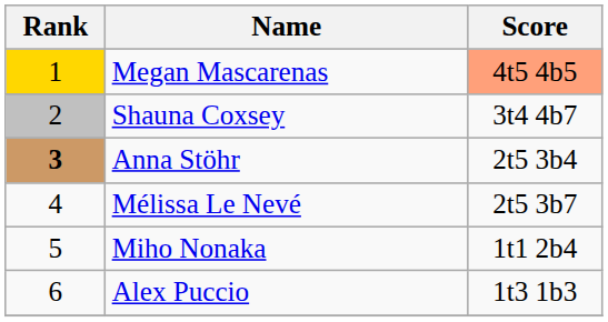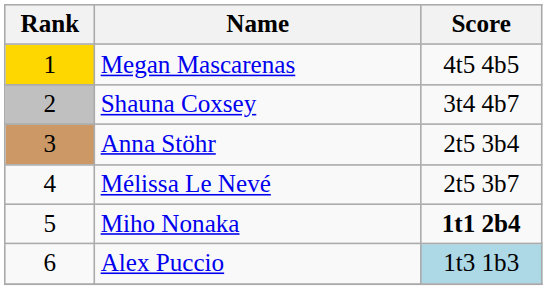 <table class="wikitable">
 <tr>
 <th width = "50">Rank</th>
 <th width = "200">Name</th>
 <th width = "70">Score</th>
 </tr>
 <tr>
 <td align="center" style="background: gold">1</td>
 <td> <a href='#'>Megan Mascarenas</a></td>
-<td align="center" style="background: lightsalmon;">4t5 4b5</td>
+<td align="center">4t5 4b5</td>
 </tr>
 <tr>
 <td align="center" style="background: silver">2</td>
 <td> <a href='#'>Shauna Coxsey</a></td>
 <td align="center">3t4 4b7</td>
 </tr>
 <tr>
-<td align="center" style="background: #cc9966"><strong>3</strong></td>
+<td align="center" style="background: #cc9966">3</td>
 <td> <a href='#'>Anna Stöhr</a></td>
 <td align="center">2t5 3b4</td>
 </tr>
 <tr>
 <td align="center">4</td>
 <td> <a href='#'>Mélissa Le Nevé</a></td>
 <td align="center">2t5 3b7</td>
 </tr>
 <tr>
 <td align="center">5</td>
 <td> <a href='#'>Miho Nonaka</a></td>
-<td align="center">1t1 2b4</td>
+<td align="center"><strong>1t1 2b4</strong></td>
 </tr>
 <tr>
 <td align="center">6</td>
 <td> <a href='#'>Alex Puccio</a></td>
-<td align="center">1t3 1b3</td>
+<td align="center" style="background: lightblue;">1t3 1b3</td>
 </tr>
 <tr>
 </tr>
 </table>
